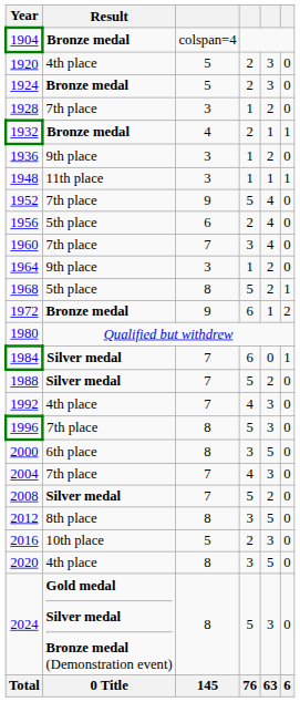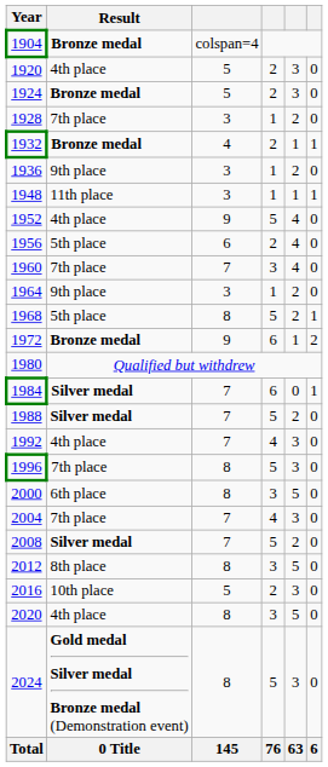 <table class="wikitable" style="text-align: center;">
 <tr>
 <th>Year</th>
 <th>Result</th>
 <th></th>
 <th></th>
 <th></th>
 <th></th>
 </tr>
 <tr>
 <td style="border: 3px solid green"> <a href='#'>1904</a></td>
 <td style="text-align:left;"><strong> Bronze medal</strong></td>
 <td>colspan=4 </td>
 </tr>
 <tr>
 <td> <a href='#'>1920</a></td>
 <td style="text-align:left;">4th place</td>
 <td>5</td>
 <td>2</td>
 <td>3</td>
 <td>0</td>
 </tr>
 <tr>
 <td> <a href='#'>1924</a></td>
 <td style="text-align:left;"><strong> Bronze medal</strong></td>
 <td>5</td>
 <td>2</td>
 <td>3</td>
 <td>0</td>
 </tr>
 <tr>
 <td> <a href='#'>1928</a></td>
 <td style="text-align:left;">7th place</td>
 <td>3</td>
 <td>1</td>
 <td>2</td>
 <td>0</td>
 </tr>
 <tr>
 <td style="border: 3px solid green"> <a href='#'>1932</a></td>
 <td style="text-align:left;"><strong> Bronze medal</strong></td>
 <td>4</td>
 <td>2</td>
 <td>1</td>
 <td>1</td>
 </tr>
 <tr>
 <td> <a href='#'>1936</a></td>
 <td style="text-align:left;">9th place</td>
 <td>3</td>
 <td>1</td>
 <td>2</td>
 <td>0</td>
 </tr>
 <tr>
 <td> <a href='#'>1948</a></td>
 <td style="text-align:left;">11th place</td>
 <td>3</td>
 <td>1</td>
 <td>1</td>
 <td>1</td>
 </tr>
 <tr>
 <td> <a href='#'>1952</a></td>
-<td style="text-align:left;">7th place</td>
+<td style="text-align:left;">4th place</td>
 <td>9</td>
 <td>5</td>
 <td>4</td>
 <td>0</td>
 </tr>
 <tr>
 <td> <a href='#'>1956</a></td>
 <td style="text-align:left;">5th place</td>
 <td>6</td>
 <td>2</td>
 <td>4</td>
 <td>0</td>
 </tr>
 <tr>
 <td> <a href='#'>1960</a></td>
 <td style="text-align:left;">7th place</td>
 <td>7</td>
 <td>3</td>
 <td>4</td>
 <td>0</td>
 </tr>
 <tr>
 <td> <a href='#'>1964</a></td>
 <td style="text-align:left;">9th place</td>
 <td>3</td>
 <td>1</td>
 <td>2</td>
 <td>0</td>
 </tr>
 <tr>
 <td> <a href='#'>1968</a></td>
 <td style="text-align:left;">5th place</td>
 <td>8</td>
 <td>5</td>
 <td>2</td>
 <td>1</td>
 </tr>
 <tr>
 <td> <a href='#'>1972</a></td>
 <td style="text-align:left;"><strong> Bronze medal</strong></td>
 <td>9</td>
 <td>6</td>
 <td>1</td>
 <td>2</td>
 </tr>
 <tr>
 <td> <a href='#'>1980</a></td>
 <td style="text-align:center;" colspan=5><em><a href='#'>Qualified but withdrew</a></em></td>
 </tr>
 <tr>
 <td style="border: 3px solid green"> <a href='#'>1984</a></td>
 <td style="text-align:left;"><strong> Silver medal</strong></td>
 <td>7</td>
 <td>6</td>
 <td>0</td>
 <td>1</td>
 </tr>
 <tr>
 <td> <a href='#'>1988</a></td>
 <td style="text-align:left;"><strong> Silver medal</strong></td>
 <td>7</td>
 <td>5</td>
 <td>2</td>
 <td>0</td>
 </tr>
 <tr>
 <td> <a href='#'>1992</a></td>
 <td style="text-align:left;">4th place</td>
 <td>7</td>
 <td>4</td>
 <td>3</td>
 <td>0</td>
 </tr>
 <tr>
 <td style="border: 3px solid green"> <a href='#'>1996</a></td>
 <td style="text-align:left;">7th place</td>
 <td>8</td>
 <td>5</td>
 <td>3</td>
 <td>0</td>
 </tr>
 <tr>
 <td> <a href='#'>2000</a></td>
 <td style="text-align:left;">6th place</td>
 <td>8</td>
 <td>3</td>
 <td>5</td>
 <td>0</td>
 </tr>
 <tr>
 <td> <a href='#'>2004</a></td>
 <td style="text-align:left;">7th place</td>
 <td>7</td>
 <td>4</td>
 <td>3</td>
 <td>0</td>
 </tr>
 <tr>
 <td> <a href='#'>2008</a></td>
 <td style="text-align:left;"><strong> Silver medal</strong></td>
 <td>7</td>
 <td>5</td>
 <td>2</td>
 <td>0</td>
 </tr>
 <tr>
 <td> <a href='#'>2012</a></td>
 <td style="text-align:left;">8th place</td>
 <td>8</td>
 <td>3</td>
 <td>5</td>
 <td>0</td>
 </tr>
 <tr>
 <td> <a href='#'>2016</a></td>
 <td style="text-align:left;">10th place</td>
 <td>5</td>
 <td>2</td>
 <td>3</td>
 <td>0</td>
 </tr>
 <tr>
 <td> <a href='#'>2020</a></td>
 <td style="text-align:left;">4th place</td>
 <td>8</td>
 <td>3</td>
 <td>5</td>
 <td>0</td>
 </tr>
 <tr>
 <td> <a href='#'>2024</a></td>
 <td style="text-align:left;"><strong> Gold medal</strong><hr><strong> Silver medal</strong><hr><strong> Bronze medal</strong><br>(Demonstration event)</td>
 <td>8</td>
 <td>5</td>
 <td>3</td>
 <td>0</td>
 </tr>
 <tr>
 <th>Total</th>
 <th>0 Title</th>
 <th>145</th>
 <th>76</th>
 <th>63</th>
 <th>6</th>
 </tr>
 </table>
